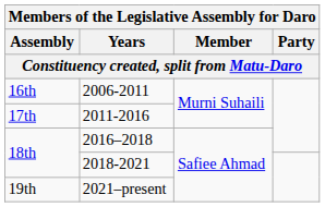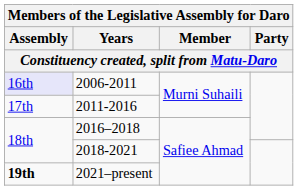 <table class=wikitable>
 <tr>
 <th colspan="4">Members of the Legislative Assembly for Daro</th>
 </tr>
 <tr>
 <th>Assembly</th>
 <th>Years</th>
 <th>Member</th>
 <th>Party</th>
 </tr>
 <tr>
 <th colspan=4 align=center><em>Constituency created, split from <a href='#'>Matu-Daro</a></em></th>
 </tr>
 <tr>
-<td><a href='#'>16th</a></td>
+<td style="background: lavender;"><a href='#'>16th</a></td>
 <td>2006-2011</td>
 <td rowspan=2><a href='#'>Murni Suhaili</a></td>
 <td rowspan=3></td>
 </tr>
 <tr>
 <td><a href='#'>17th</a></td>
 <td>2011-2016</td>
 </tr>
 <tr>
 <td rowspan="2"><a href='#'>18th</a></td>
 <td>2016–2018</td>
 <td rowspan="3"><a href='#'>Safiee Ahmad</a></td>
 </tr>
 <tr>
 <td>2018-2021</td>
 <td rowspan=2></td>
 </tr>
 <tr>
-<td>19th</td>
+<td><strong>19th</strong></td>
 <td>2021–present</td>
 </tr>
 </table>
